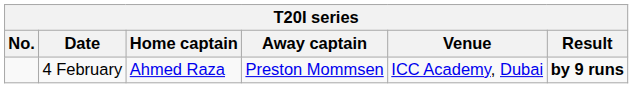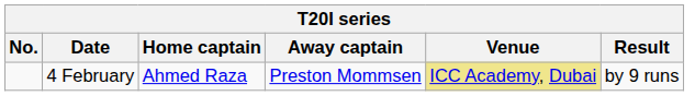 <table class="wikitable">
 <tr>
 <th colspan="9">T20I series</th>
 </tr>
 <tr>
 <th>No.</th>
 <th>Date</th>
 <th>Home captain</th>
 <th>Away captain</th>
 <th>Venue</th>
 <th>Result</th>
 </tr>
 <tr>
 <td></td>
 <td>4 February</td>
 <td><a href='#'>Ahmed Raza</a></td>
 <td><a href='#'>Preston Mommsen</a></td>
-<td><a href='#'>ICC Academy</a>, <a href='#'>Dubai</a></td>
-<td><strong> by 9 runs</strong></td>
+<td style="background: khaki;"><a href='#'>ICC Academy</a>, <a href='#'>Dubai</a></td>
+<td> by 9 runs</td>
 </tr>
 </table>
